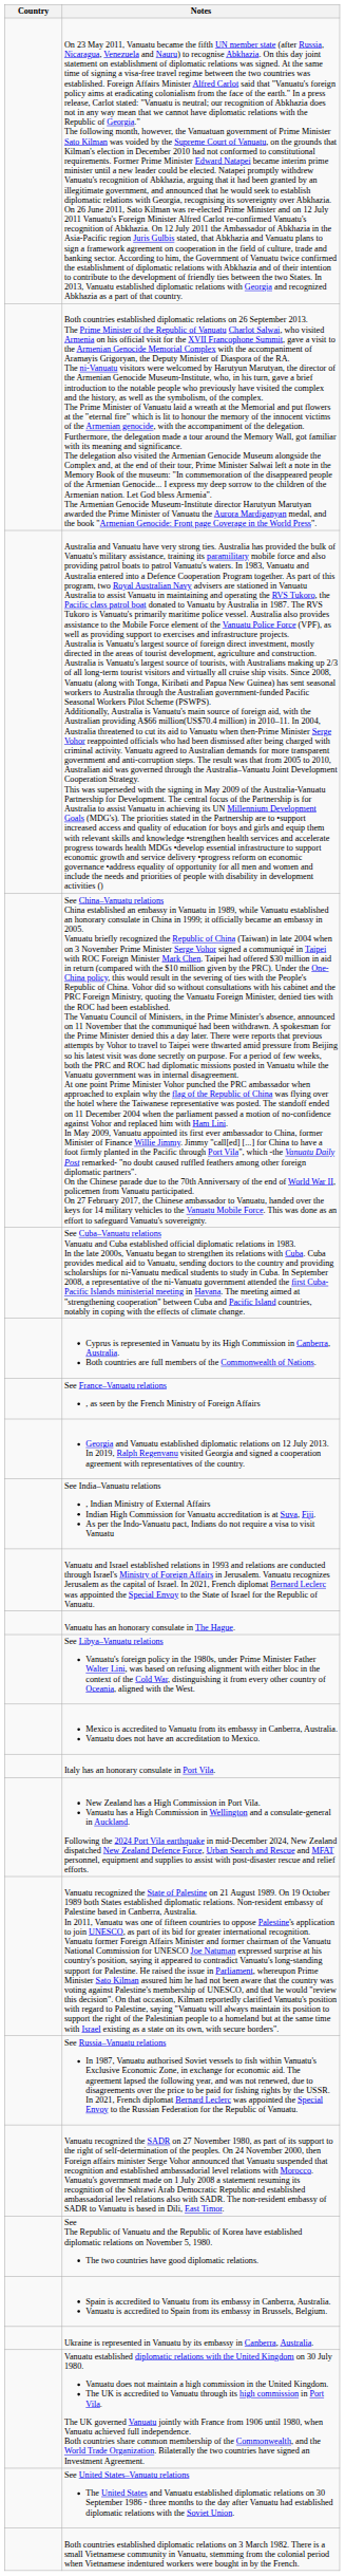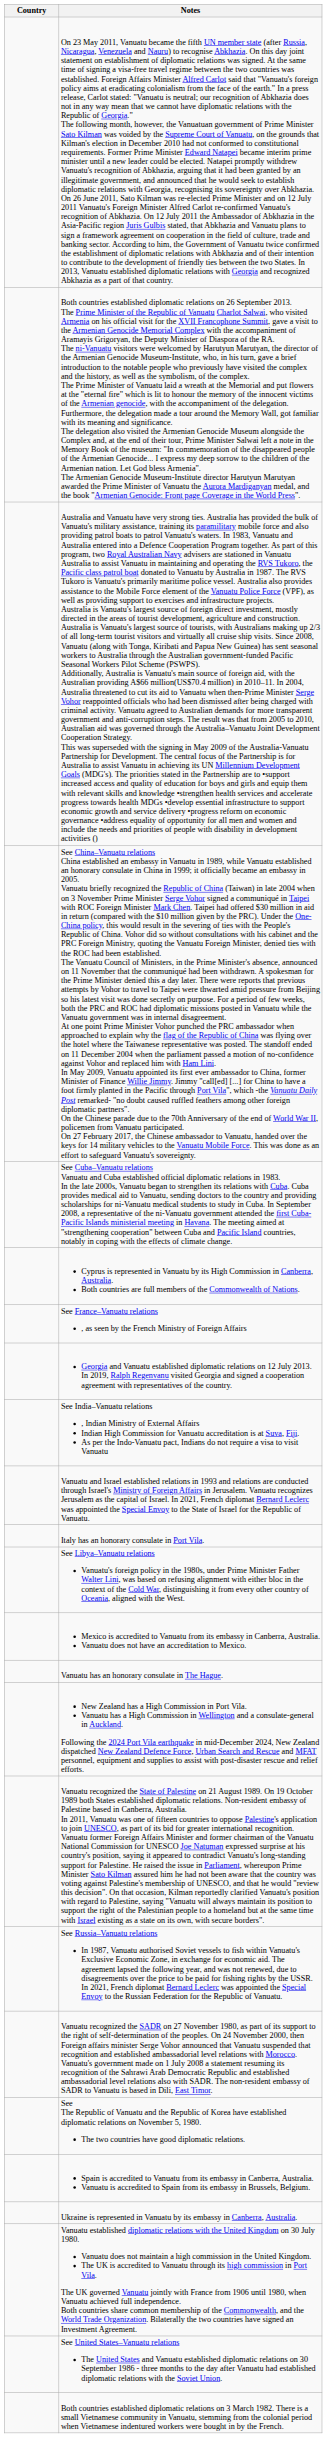 <table class="wikitable sortable" style="width:100%; margin:auto;">
 <tr>
 <th style="width:100px">Country</th>
 <th>Notes</th>
 </tr>
 <tr valign="top">
 <td></td>
 <td><br><br>On 23 May 2011, Vanuatu became the fifth <a href='#'>UN member state</a> (after <a href='#'>Russia</a>, <a href='#'>Nicaragua</a>, <a href='#'>Venezuela</a> and <a href='#'>Nauru</a>) to recognise <a href='#'>Abkhazia</a>. On this day joint statement on establishment of diplomatic relations was signed. At the same time of signing a visa-free travel regime between the two countries was established. Foreign Affairs Minister <a href='#'>Alfred Carlot</a> said that "Vanuatu's foreign policy aims at eradicating colonialism from the face of the earth." In a press release, Carlot stated: "Vanuatu is neutral; our recognition of Abkhazia does not in any way mean that we cannot have diplomatic relations with the Republic of <a href='#'>Georgia</a>."<br>The following month, however, the Vanuatuan government of Prime Minister <a href='#'>Sato Kilman</a> was voided by the <a href='#'>Supreme Court of Vanuatu</a>, on the grounds that Kilman's election in December 2010 had not conformed to constitutional requirements. Former Prime Minister <a href='#'>Edward Natapei</a> became interim prime minister until a new leader could be elected. Natapei promptly withdrew Vanuatu's recognition of Abkhazia, arguing that it had been granted by an illegitimate government, and announced that he would seek to establish diplomatic relations with Georgia, recognising its sovereignty over Abkhazia.<br>On 26 June 2011, Sato Kilman was re-elected Prime Minister and on 12 July 2011 Vanuatu's Foreign Minister Alfred Carlot re-confirmed Vanuatu's recognition of Abkhazia. On 12 July 2011 the Ambassador of Abkhazia in the Asia-Pacific region <a href='#'>Juris Gulbis</a> stated, that Abkhazia and Vanuatu plans to sign a framework agreement on cooperation in the field of culture, trade and banking sector. According to him, the Government of Vanuatu twice confirmed the establishment of diplomatic relations with Abkhazia and of their intention to contribute to the development of friendly ties between the two States. In 2013, Vanuatu established diplomatic relations with <a href='#'>Georgia</a> and recognized Abkhazia as a part of that country.</td>
 </tr>
 <tr valign="top">
 <td></td>
 <td><br>Both countries established diplomatic relations on 26 September 2013.<br>The <a href='#'>Prime Minister of the Republic of Vanuatu</a> <a href='#'>Charlot Salwai</a>, who visited <a href='#'>Armenia</a> on his official visit for the <a href='#'>XVII Francophone Summit</a>, gave a visit to the <a href='#'>Armenian Genocide Memorial Complex</a> with the accompaniment of Aramayis Grigoryan, the Deputy Minister of Diaspora of the RA.<br>The <a href='#'>ni-Vanuatu</a> visitors were welcomed by Harutyun Marutyan, the director of the Armenian Genocide Museum-Institute, who, in his turn, gave a brief introduction to the notable people who previously have visited the complex and the history, as well as the symbolism, of the complex.<br>The Prime Minister of Vanuatu laid a wreath at the Memorial and put flowers at the "eternal fire" which is lit to honour the memory of the innocent victims of the <a href='#'>Armenian genocide</a>, with the accompaniment of the delegation. Furthermore, the delegation made a tour around the Memory Wall, got familiar with its meaning and significance.<br>The delegation also visited the Armenian Genocide Museum alongside the Complex and, at the end of their tour, Prime Minister Salwai left a note in the Memory Book of the museum: "In commemoration of the disappeared people of the Armenian Genocide... I express my deep sorrow to the children of the Armenian nation. Let God bless Armenia".<br>The Armenian Genocide Museum-Institute director Harutyun Marutyan awarded the Prime Minister of Vanuatu the <a href='#'>Aurora Mardiganyan</a> medal, and the book "<a href='#'>Armenian Genocide: Front page Coverage in the World Press</a>".</td>
 </tr>
 <tr valign="top">
 <td></td>
 <td><br>Australia and Vanuatu have very strong ties. Australia has provided the bulk of Vanuatu's military assistance, training its <a href='#'>paramilitary</a> mobile force and also providing patrol boats to patrol Vanuatu's waters. In 1983, Vanuatu and Australia entered into a Defence Cooperation Program together. As part of this program, two <a href='#'>Royal Australian Navy</a> advisers are stationed in Vanuatu Australia to assist Vanuatu in maintaining and operating the <a href='#'>RVS Tukoro</a>, the <a href='#'>Pacific class patrol boat</a> donated to Vanuatu by Australia in 1987. The RVS Tukoro is Vanuatu's primarily maritime police vessel. Australia also provides assistance to the Mobile Force element of the <a href='#'>Vanuatu Police Force</a> (VPF), as well as providing support to exercises and infrastructure projects.<br>Australia is Vanuatu's largest source of foreign direct investment, mostly directed in the areas of tourist development, agriculture and construction. Australia is Vanuatu's largest source of tourists, with Australians making up 2/3 of all long-term tourist visitors and virtually all cruise ship visits. Since 2008, Vanuatu (along with Tonga, Kiribati and Papua New Guinea) has sent seasonal workers to Australia through the Australian government-funded Pacific Seasonal Workers Pilot Scheme (PSWPS).<br>Additionally, Australia is Vanuatu's main source of foreign aid, with the Australian providing A$66 million(US$70.4 million) in 2010–11. In 2004, Australia threatened to cut its aid to Vanuatu when then-Prime Minister <a href='#'>Serge Vohor</a> reappointed officials who had been dismissed after being charged with criminal activity. Vanuatu agreed to Australian demands for more transparent government and anti-corruption steps. The result was that from 2005 to 2010, Australian aid was governed through the Australia–Vanuatu Joint Development Cooperation Strategy.<br>This was superseded with the signing in May 2009 of the Australia-Vanuatu Partnership for Development. The central focus of the Partnership is for Australia to assist Vanuatu in achieving its UN <a href='#'>Millennium Development Goals</a> (MDG's). The priorities stated in the Partnership are to •support increased access and quality of education for boys and girls and equip them with relevant skills and knowledge  •strengthen health services and accelerate progress towards health MDGs  •develop essential infrastructure to support economic growth and service delivery  •progress reform on economic governance  •address equality of opportunity for all men and women and include the needs and priorities of people with disability in development activities ()</td>
 </tr>
 <tr valign="top">
 <td></td>
 <td>See <a href='#'>China–Vanuatu relations</a><br>China established an embassy in Vanuatu in 1989, while Vanuatu established an honorary consulate in China in 1999; it officially became an embassy in 2005.<br>Vanuatu briefly recognized the <a href='#'>Republic of China</a> (Taiwan) in late 2004 when on 3 November Prime Minister <a href='#'>Serge Vohor</a> signed a communiqué in <a href='#'>Taipei</a> with ROC Foreign Minister <a href='#'>Mark Chen</a>. Taipei had offered $30 million in aid in return (compared with the $10 million given by the PRC). Under the <a href='#'>One-China policy</a>, this would result in the severing of ties with the People's Republic of China. Vohor did so without consultations with his cabinet and the PRC Foreign Ministry, quoting the Vanuatu Foreign Minister, denied ties with the ROC had been established.<br>The Vanuatu Council of Ministers, in the Prime Minister's absence, announced on 11 November that the communiqué had been withdrawn. A spokesman for the Prime Minister denied this a day later. There were reports that previous attempts by Vohor to travel to Taipei were thwarted amid pressure from Beijing so his latest visit was done secretly on purpose. For a period of few weeks, both the PRC and ROC had diplomatic missions posted in Vanuatu while the Vanuatu government was in internal disagreement.<br>At one point Prime Minister Vohor punched the PRC ambassador when approached to explain why the <a href='#'>flag of the Republic of China</a> was flying over the hotel where the Taiwanese representative was posted. The standoff ended on 11 December 2004 when the parliament passed a motion of no-confidence against Vohor and replaced him with <a href='#'>Ham Lini</a>.<br>In May 2009, Vanuatu appointed its first ever ambassador to China, former Minister of Finance <a href='#'>Willie Jimmy</a>. Jimmy "call[ed] [...] for China to have a foot firmly planted in the Pacific through <a href='#'>Port Vila</a>", which -the <em><a href='#'>Vanuatu Daily Post</a></em> remarked- "no doubt caused ruffled feathers among other foreign diplomatic partners".<br>On the Chinese parade due to the 70th Anniversary of the end of <a href='#'>World War II</a>, policemen from Vanuatu participated.<br>On 27 February 2017, the Chinese ambassador to Vanuatu, handed over the keys for 14 military vehicles to the <a href='#'>Vanuatu Mobile Force</a>. This was done as an effort to safeguard Vanuatu's sovereignty.</td>
 </tr>
 <tr valign="top">
 <td></td>
 <td>See <a href='#'>Cuba–Vanuatu relations</a><br>Vanuatu and Cuba established official diplomatic relations in 1983.<br>In the late 2000s, Vanuatu began to strengthen its relations with <a href='#'>Cuba</a>. Cuba provides medical aid to Vanuatu, sending doctors to the country and providing scholarships for ni-Vanuatu medical students to study in Cuba. In September 2008, a representative of the ni-Vanuatu government attended the <a href='#'>first Cuba-Pacific Islands ministerial meeting</a> in <a href='#'>Havana</a>. The meeting aimed at "strengthening cooperation" between Cuba and <a href='#'>Pacific Island</a> countries, notably in coping with the effects of climate change.</td>
 </tr>
 <tr valign="top">
 <td></td>
 <td><br><ul><li>Cyprus is represented in Vanuatu by its High Commission in <a href='#'>Canberra</a>, <a href='#'>Australia</a>.</li><li>Both countries are full members of the <a href='#'>Commonwealth of Nations</a>.</li></ul></td>
 </tr>
 <tr valign="top">
 <td></td>
 <td>See <a href='#'>France–Vanuatu relations</a><br><ul><li> , as seen by the French Ministry of Foreign Affairs</li></ul></td>
 </tr>
 <tr valign="top">
 <td></td>
 <td><br><ul><li><a href='#'>Georgia</a> and Vanuatu established diplomatic relations on 12 July 2013. In 2019, <a href='#'>Ralph Regenvanu</a> visited Georgia and signed a cooperation agreement with representatives of the country.</li></ul></td>
 </tr>
 <tr valign="top">
 <td></td>
 <td>See India–Vanuatu relations<br><ul><li>, Indian Ministry of External Affairs</li><li>Indian High Commission for Vanuatu accreditation is at <a href='#'>Suva</a>, <a href='#'>Fiji</a>.</li><li>As per the Indo-Vanuatu pact, Indians do not require a visa to visit Vanuatu</li></ul></td>
 </tr>
 <tr valign="top">
 <td></td>
 <td><br>Vanuatu and Israel established relations in 1993 and relations are conducted through Israel's <a href='#'>Ministry of Foreign Affairs</a> in Jerusalem. Vanuatu recognizes Jerusalem as the capital of Israel. In 2021, French diplomat <a href='#'>Bernard Leclerc</a> was appointed the <a href='#'>Special Envoy</a> to the State of Israel for the Republic of Vanuatu.</td>
 </tr>
 <tr valign="top">
 <td></td>
-<td><br>Vanuatu has an honorary consulate in <a href='#'>The Hague</a>.</td>
+<td><br>Italy has an honorary consulate in <a href='#'>Port Vila</a>.</td>
 </tr>
 <tr valign="top">
 <td></td>
 <td>See <a href='#'>Libya–Vanuatu relations</a><br><ul><li>Vanuatu's foreign policy in the 1980s, under Prime Minister Father <a href='#'>Walter Lini</a>, was based on refusing alignment with either bloc in the context of the <a href='#'>Cold War</a>, distinguishing it from every other country of <a href='#'>Oceania</a>, aligned with the West.</li></ul></td>
 </tr>
 <tr valign="top">
 <td></td>
 <td><br><ul><li>Mexico is accredited to Vanuatu from its embassy in Canberra, Australia.</li><li>Vanuatu does not have an accreditation to Mexico.</li></ul></td>
 </tr>
 <tr valign="top">
 <td></td>
-<td><br>Italy has an honorary consulate in <a href='#'>Port Vila</a>.</td>
+<td><br>Vanuatu has an honorary consulate in <a href='#'>The Hague</a>.</td>
 </tr>
 <tr valign="top">
 <td></td>
 <td><br><ul><li>New Zealand has a High Commission in Port Vila.</li><li>Vanuatu has a High Commission in <a href='#'>Wellington</a> and a consulate-general in <a href='#'>Auckland</a>.</li></ul>Following the <a href='#'>2024 Port Vila earthquake</a> in mid-December 2024, New Zealand dispatched <a href='#'>New Zealand Defence Force</a>, <a href='#'>Urban Search and Rescue</a> and <a href='#'>MFAT</a> personnel, equipment and supplies to assist with post-disaster rescue and relief efforts.</td>
 </tr>
 <tr valign="top">
 <td></td>
 <td><br>Vanuatu recognized the <a href='#'>State of Palestine</a> on 21 August 1989. On 19 October 1989 both States established diplomatic relations. Non-resident embassy of Palestine based in Canberra, Australia.<br>In 2011, Vanuatu was one of fifteen countries to oppose <a href='#'>Palestine</a>'s application to join <a href='#'>UNESCO</a>, as part of its bid for greater international recognition. Vanuatu former Foreign Affairs Minister and former chairman of the Vanuatu National Commission for UNESCO <a href='#'>Joe Natuman</a> expressed surprise at his country's position, saying it appeared to contradict Vanuatu's long-standing support for Palestine. He raised the issue in <a href='#'>Parliament</a>, whereupon Prime Minister <a href='#'>Sato Kilman</a> assured him he had not been aware that the country was voting against Palestine's membership of UNESCO, and that he would "review this decision". On that occasion, Kilman reportedly clarified Vanuatu's position with regard to Palestine, saying "Vanuatu will always maintain its position to support the right of the Palestinian people to a homeland but at the same time with <a href='#'>Israel</a> existing as a state on its own, with secure borders".</td>
 </tr>
 <tr valign="top">
 <td></td>
 <td>See <a href='#'>Russia–Vanuatu relations</a><br><ul><li>In 1987, Vanuatu authorised Soviet vessels to fish within Vanuatu's Exclusive Economic Zone, in exchange for economic aid. The agreement lapsed the following year, and was not renewed, due to disagreements over the price to be paid for fishing rights by the USSR. In 2021, French diplomat <a href='#'>Bernard Leclerc</a> was appointed the <a href='#'>Special Envoy</a> to the Russian Federation for the Republic of Vanuatu.</li></ul></td>
 </tr>
 <tr valign="top">
 <td></td>
 <td><br>Vanuatu recognized the <a href='#'>SADR</a> on 27 November 1980, as part of its support to the right of self-determination of the peoples. On 24 November 2000, then Foreign affairs minister Serge Vohor announced that Vanuatu suspended that recognition and established ambassadorial level relations with <a href='#'>Morocco</a>.  Vanuatu's government made on 1 July 2008 a statement resuming its recognition of the Sahrawi Arab Democratic Republic and established ambassadorial level relations also with SADR. The non-resident embassy of SADR to Vanuatu is based in Dili, <a href='#'>East Timor</a>.</td>
 </tr>
 <tr valign="top">
 <td></td>
 <td>See <br>The Republic of Vanuatu and the Republic of Korea have established diplomatic relations on November 5, 1980.<ul><li>The two countries have good diplomatic relations.</li></ul></td>
 </tr>
 <tr valign="top">
 <td></td>
 <td><br><ul><li>Spain is accredited to Vanuatu from its embassy in Canberra, Australia.</li><li>Vanuatu is accredited to Spain from its embassy in Brussels, Belgium.</li></ul></td>
 </tr>
 <tr valign="top">
 <td></td>
 <td><br>Ukraine is represented in Vanuatu by its embassy in <a href='#'>Canberra</a>, <a href='#'>Australia</a>.</td>
 </tr>
 <tr valign="top">
 <td></td>
 <td>Vanuatu established <a href='#'>diplomatic relations with the United Kingdom</a> on 30 July 1980.<br><ul><li>Vanuatu does not maintain a high commission in the United Kingdom.</li><li>The UK is accredited to Vanuatu through its <a href='#'>high commission</a> in <a href='#'>Port Vila</a>.</li></ul>The UK governed <a href='#'>Vanuatu</a> jointly with France from 1906 until 1980, when Vanuatu achieved full independence.<br>Both countries share common membership of the <a href='#'>Commonwealth</a>,  and the <a href='#'>World Trade Organization</a>. Bilaterally the two countries have signed an Investment Agreement.</td>
 </tr>
 <tr valign="top">
 <td></td>
 <td>See <a href='#'>United States–Vanuatu relations</a><br><ul><li>The <a href='#'>United States</a> and Vanuatu established diplomatic relations on 30 September 1986 - three months to the day after Vanuatu had established diplomatic relations with the <a href='#'>Soviet Union</a>.</li></ul></td>
 </tr>
 <tr valign="top">
 <td></td>
 <td><br>Both countries established diplomatic relations on 3 March 1982. There is a small Vietnamese community in Vanuatu, stemming from the colonial period when Vietnamese indentured workers were bought in by the French.</td>
 </tr>
 </table>
